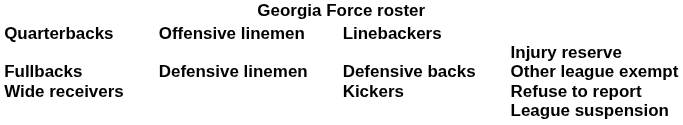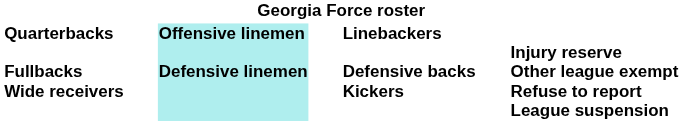 <table class="toccolours" style="text-align: left;">
 <tr>
 <th colspan="7" style="text-align:center; ">Georgia Force roster</th>
 </tr>
 <tr>
 <td style="vertical-align:top;"><strong>Quarterbacks</strong><br> <br><strong>Fullbacks</strong>  <br><strong>Wide receivers</strong>    </td>
 <td width="25"> </td>
-<td style="vertical-align:top;"><strong>Offensive linemen</strong><br>    <br><strong>Defensive linemen</strong>       </td>
+<td style="background: paleturquoise; vertical-align:top;"><strong>Offensive linemen</strong><br>    <br><strong>Defensive linemen</strong>       </td>
 <td width="25"> </td>
 <td style="vertical-align:top;"><strong>Linebackers</strong><br>  <br><strong>Defensive backs</strong>      <br><strong>Kickers</strong> </td>
 <td width="25"> </td>
 <td style="vertical-align:top;"><br><strong>Injury reserve</strong>   <br><strong>Other league exempt</strong>   <br><strong>Refuse to report</strong>  <br><strong>League suspension</strong>     </td>
 </tr>
 </table>
